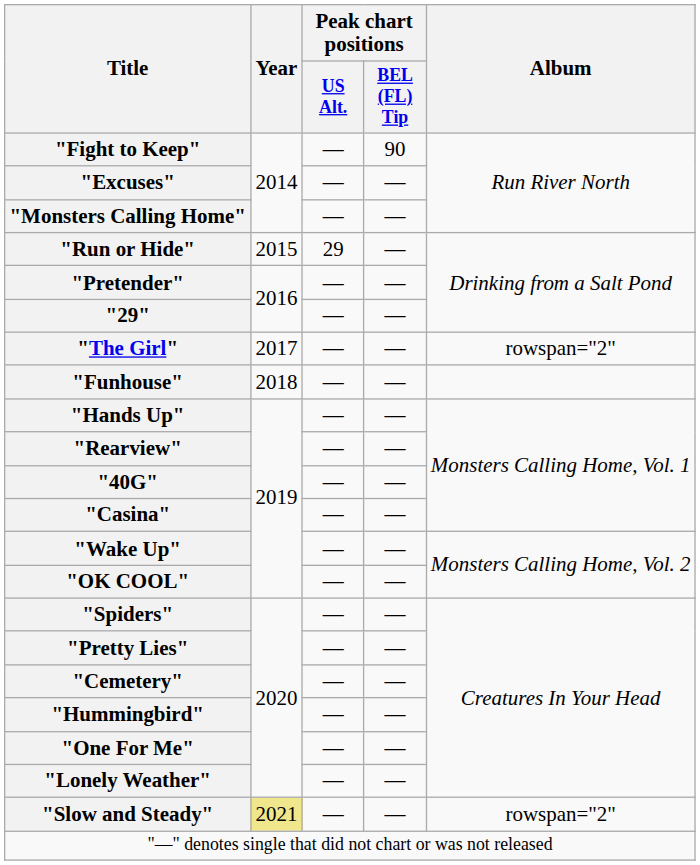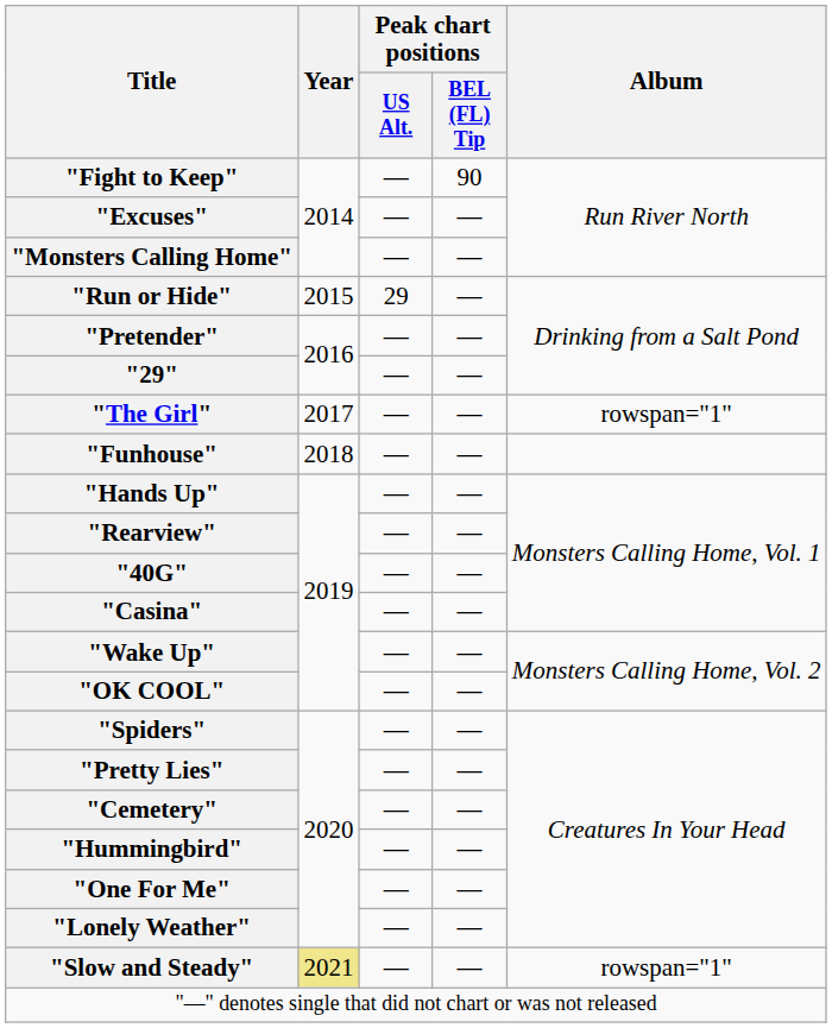 <table class="wikitable plainrowheaders" style="text-align:center;">
 <tr>
 <th scope="col" rowspan="2">Title</th>
 <th scope="col" rowspan="2">Year</th>
 <th scope="col" colspan="2">Peak chart positions</th>
 <th scope="col" rowspan="2">Album</th>
 </tr>
 <tr>
 <th scope="col" style="width:3em;font-size:85%;"><a href='#'>US<br>Alt.</a><br></th>
 <th scope="col" style="width:3em;font-size:85%;"><a href='#'>BEL<br>(FL)<br>Tip</a><br></th>
 </tr>
 <tr>
 <th scope="row">"Fight to Keep"</th>
 <td rowspan="3">2014</td>
 <td>—</td>
 <td>90</td>
 <td rowspan="3"><em>Run River North</em></td>
 </tr>
 <tr>
 <th scope="row">"Excuses"</th>
 <td>—</td>
 <td>—</td>
 </tr>
 <tr>
 <th scope="row">"Monsters Calling Home"</th>
 <td>—</td>
 <td>—</td>
 </tr>
 <tr>
 <th scope="row">"Run or Hide"</th>
 <td rowspan="1">2015</td>
 <td>29</td>
 <td>—</td>
 <td rowspan="3"><em>Drinking from a Salt Pond</em></td>
 </tr>
 <tr>
 <th scope="row">"Pretender"</th>
 <td rowspan="2">2016</td>
 <td>—</td>
 <td>—</td>
 </tr>
 <tr>
 <th scope="row">"29"</th>
 <td>—</td>
 <td>—</td>
 </tr>
 <tr>
 <th scope="row">"<a href='#'>The Girl</a>"</th>
 <td rowspan="1">2017</td>
 <td>—</td>
 <td>—</td>
-<td>rowspan="2" </td>
+<td>rowspan="1" </td>
 </tr>
 <tr>
 <th scope="row">"Funhouse"</th>
 <td rowspan="1">2018</td>
 <td>—</td>
 <td>—</td>
 </tr>
 <tr>
 <th scope="row">"Hands Up"</th>
 <td rowspan="6">2019</td>
 <td>—</td>
 <td>—</td>
 <td rowspan="4"><em>Monsters Calling Home, Vol. 1</em></td>
 </tr>
 <tr>
 <th scope="row">"Rearview"</th>
 <td>—</td>
 <td>—</td>
 </tr>
 <tr>
 <th scope="row">"40G"</th>
 <td>—</td>
 <td>—</td>
 </tr>
 <tr>
 <th scope="row">"Casina"</th>
 <td>—</td>
 <td>—</td>
 </tr>
 <tr>
 <th scope="row">"Wake Up"</th>
 <td>—</td>
 <td>—</td>
 <td rowspan="2"><em>Monsters Calling Home, Vol. 2</em></td>
 </tr>
 <tr>
 <th scope="row">"OK COOL"</th>
 <td>—</td>
 <td>—</td>
 </tr>
 <tr>
 <th scope="row">"Spiders"</th>
 <td rowspan="6">2020</td>
 <td>—</td>
 <td>—</td>
 <td rowspan="6"><em>Creatures In Your Head</em></td>
 </tr>
 <tr>
 <th scope="row">"Pretty Lies"</th>
 <td>—</td>
 <td>—</td>
 </tr>
 <tr>
 <th scope="row">"Cemetery"</th>
 <td>—</td>
 <td>—</td>
 </tr>
 <tr>
 <th scope="row">"Hummingbird"</th>
 <td>—</td>
 <td>—</td>
 </tr>
 <tr>
 <th scope="row">"One For Me"</th>
 <td>—</td>
 <td>—</td>
 </tr>
 <tr>
 <th scope="row">"Lonely Weather"</th>
 <td>—</td>
 <td>—</td>
 </tr>
 <tr>
 <th scope="row">"Slow and Steady"</th>
 <td rowspan="1" style="background: khaki;">2021</td>
 <td>—</td>
 <td>—</td>
-<td>rowspan="2" </td>
+<td>rowspan="1" </td>
 </tr>
 <tr>
 <td colspan="18" style="font-size:85%;">"—" denotes single that did not chart or was not released</td>
 </tr>
 </table>
